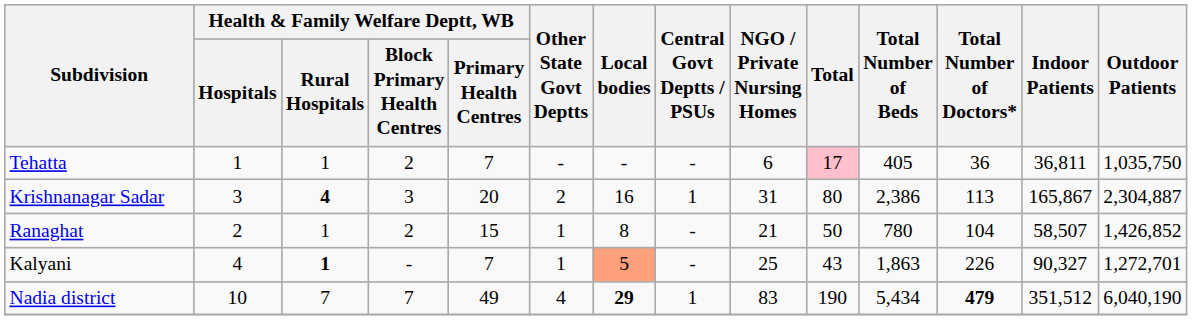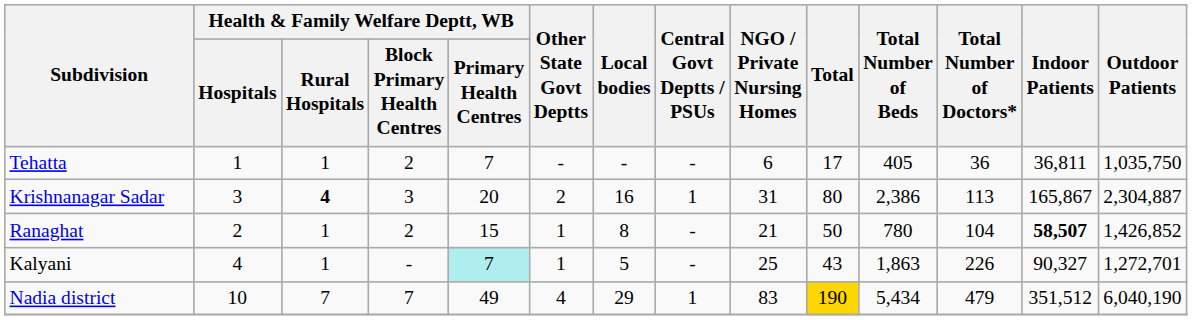 <table class="wikitable" style="text-align:center;font-size: 9pt">
 <tr>
 <th width="110" rowspan="2">Subdivision</th>
 <th width="160" colspan="4" rowspan="1">Health & Family Welfare Deptt, WB</th>
 <th widthspan="110" rowspan="2">Other<br>State<br>Govt<br>Deptts</th>
 <th widthspan="110" rowspan="2">Local<br>bodies</th>
 <th widthspan="110" rowspan="2">Central<br>Govt<br>Deptts /<br>PSUs</th>
 <th widthspan="110" rowspan="2">NGO /<br>Private<br>Nursing<br>Homes</th>
 <th widthspan="110" rowspan="2">Total</th>
 <th widthspan="110" rowspan="2">Total<br>Number<br>of<br>Beds</th>
 <th widthspan="110" rowspan="2">Total<br>Number<br>of<br>Doctors*</th>
 <th widthspan="130" rowspan="2">Indoor<br>Patients</th>
 <th widthspan="130" rowspan="2">Outdoor<br>Patients</th>
 </tr>
 <tr>
 <th width="40">Hospitals<br></th>
 <th width="40">Rural<br>Hospitals<br></th>
 <th width="40">Block<br>Primary<br>Health<br>Centres<br></th>
 <th width="40">Primary<br>Health<br>Centres<br></th>
 </tr>
 <tr>
 <td align=left><a href='#'>Tehatta</a></td>
 <td align="center">1</td>
 <td align="center">1</td>
 <td align="center">2</td>
 <td align="center">7</td>
 <td align="center">-</td>
 <td align="center">-</td>
 <td align="center">-</td>
 <td align="center">6</td>
-<td align="center" style="background: pink;">17</td>
+<td align="center">17</td>
 <td align="center">405</td>
 <td align="center">36</td>
 <td align="center">36,811</td>
 <td align="center">1,035,750</td>
 </tr>
 <tr>
 <td align=left><a href='#'>Krishnanagar Sadar</a></td>
 <td align="center">3</td>
 <td align="center"><strong>4</strong></td>
 <td align="center">3</td>
 <td align="center">20</td>
 <td align="center">2</td>
 <td align="center">16</td>
 <td align="center">1</td>
 <td align="center">31</td>
 <td align="center">80</td>
 <td align="center">2,386</td>
 <td align="center">113</td>
 <td align="center">165,867</td>
 <td align="center">2,304,887</td>
 </tr>
 <tr>
 <td align=left><a href='#'>Ranaghat</a></td>
 <td align="center">2</td>
 <td align="center">1</td>
 <td align="center">2</td>
 <td align="center">15</td>
 <td align="center">1</td>
 <td align="center">8</td>
 <td align="center">-</td>
 <td align="center">21</td>
 <td align="center">50</td>
 <td align="center">780</td>
 <td align="center">104</td>
-<td align="center">58,507</td>
+<td align="center"><strong>58,507</strong></td>
 <td align="center">1,426,852</td>
 </tr>
 <tr>
 <td align=left>Kalyani</td>
 <td align="center">4</td>
-<td align="center"><strong>1</strong></td>
+<td align="center">1</td>
 <td align="center">-</td>
-<td align="center">7</td>
+<td align="center" style="background: paleturquoise;">7</td>
 <td align="center">1</td>
-<td align="center" style="background: lightsalmon;">5</td>
+<td align="center">5</td>
 <td align="center">-</td>
 <td align="center">25</td>
 <td align="center">43</td>
 <td align="center">1,863</td>
 <td align="center">226</td>
 <td align="center">90,327</td>
 <td align="center">1,272,701</td>
 </tr>
 <tr>
 <td align=left><a href='#'>Nadia district</a></td>
 <td align="center">10</td>
 <td align="center">7</td>
 <td align="center">7</td>
 <td align="center">49</td>
 <td align="center">4</td>
-<td align="center"><strong>29</strong></td>
+<td align="center">29</td>
 <td align="center">1</td>
 <td align="center">83</td>
-<td align="center">190</td>
+<td align="center" style="background: gold;">190</td>
 <td align="center">5,434</td>
-<td align="center"><strong>479</strong></td>
+<td align="center">479</td>
 <td align="center">351,512</td>
 <td align="center">6,040,190</td>
 </tr>
 <tr>
 </tr>
 </table>
